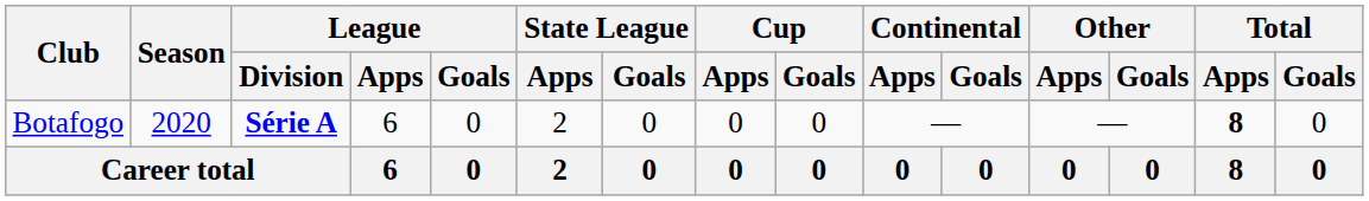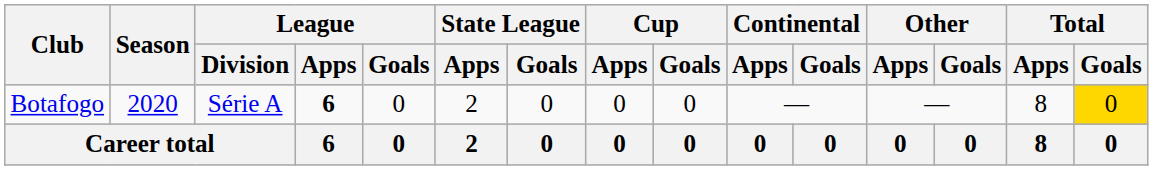 <table class="wikitable" style="text-align: center">
 <tr>
 <th rowspan="2">Club</th>
 <th rowspan="2">Season</th>
 <th colspan="3">League</th>
 <th colspan="2">State League</th>
 <th colspan="2">Cup</th>
 <th colspan="2">Continental</th>
 <th colspan="2">Other</th>
 <th colspan="2">Total</th>
 </tr>
 <tr>
 <th>Division</th>
 <th>Apps</th>
 <th>Goals</th>
 <th>Apps</th>
 <th>Goals</th>
 <th>Apps</th>
 <th>Goals</th>
 <th>Apps</th>
 <th>Goals</th>
 <th>Apps</th>
 <th>Goals</th>
 <th>Apps</th>
 <th>Goals</th>
 </tr>
 <tr>
 <td><a href='#'>Botafogo</a></td>
 <td><a href='#'>2020</a></td>
-<td><strong><a href='#'>Série A</a></strong></td>
-<td>6</td>
+<td><a href='#'>Série A</a></td>
+<td><strong>6</strong></td>
 <td>0</td>
 <td>2</td>
 <td>0</td>
 <td>0</td>
 <td>0</td>
 <td colspan="2">—</td>
 <td colspan="2">—</td>
-<td><strong>8</strong></td>
-<td>0</td>
+<td>8</td>
+<td style="background: gold;">0</td>
 </tr>
 <tr>
 <th colspan="3"><strong>Career total</strong></th>
 <th>6</th>
 <th>0</th>
 <th>2</th>
 <th>0</th>
 <th>0</th>
 <th>0</th>
 <th>0</th>
 <th>0</th>
 <th>0</th>
 <th>0</th>
 <th>8</th>
 <th>0</th>
 </tr>
 </table>
